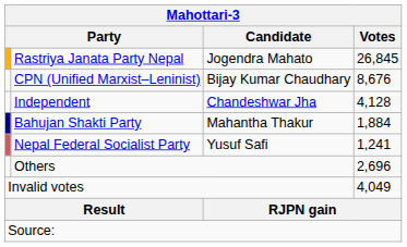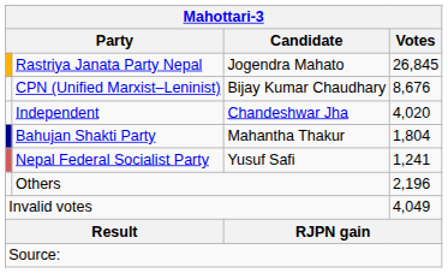 <table class="wikitable">
 <tr>
 <th colspan="4"><a href='#'>Mahottari-3</a></th>
 </tr>
 <tr>
 <th colspan="2">Party</th>
 <th>Candidate</th>
 <th>Votes</th>
 </tr>
 <tr>
 <td style="background-color:#ffb300"></td>
 <td><a href='#'>Rastriya Janata Party Nepal</a></td>
 <td>Jogendra Mahato</td>
 <td>26,845</td>
 </tr>
 <tr>
 <td style="background-color:"></td>
 <td><a href='#'>CPN (Unified Marxist–Leninist)</a></td>
 <td>Bijay Kumar Chaudhary</td>
 <td>8,676</td>
 </tr>
 <tr>
 <td style="background-color:"></td>
 <td><a href='#'>Independent</a></td>
 <td><a href='#'>Chandeshwar Jha</a></td>
-<td>4,128</td>
+<td>4,020</td>
 </tr>
 <tr>
 <td style="background-color:darkblue"></td>
 <td><a href='#'>Bahujan Shakti Party</a></td>
 <td>Mahantha Thakur</td>
-<td>1,884</td>
+<td>1,804</td>
 </tr>
 <tr>
 <td style="background-color:#CD5C5C"></td>
 <td><a href='#'>Nepal Federal Socialist Party</a></td>
 <td>Yusuf Safi</td>
 <td>1,241</td>
 </tr>
 <tr>
 <td></td>
 <td colspan="2">Others</td>
-<td>2,696</td>
+<td>2,196</td>
 </tr>
 <tr>
 <td colspan="3">Invalid votes</td>
 <td>4,049</td>
 </tr>
 <tr>
 <th colspan="2">Result</th>
 <th colspan="2">RJPN gain</th>
 </tr>
 <tr>
 <td colspan="4">Source: </td>
 </tr>
 </table>
